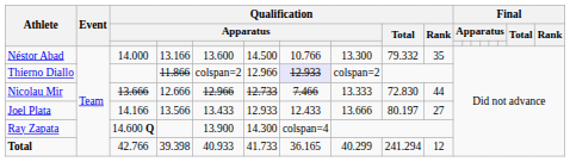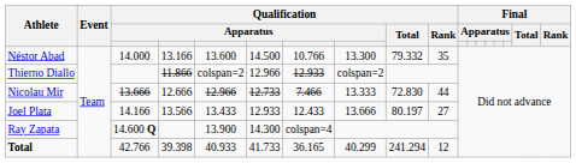 <table class="wikitable" style="font-size:90%">
 <tr>
 <th rowspan=3>Athlete</th>
 <th rowspan=3>Event</th>
 <th colspan =8>Qualification</th>
 <th colspan =8>Final</th>
 </tr>
 <tr style="font-size:95%">
 <th colspan=6>Apparatus</th>
 <th rowspan=2>Total</th>
 <th rowspan=2>Rank</th>
 <th colspan=6>Apparatus</th>
 <th rowspan=2>Total</th>
 <th rowspan=2>Rank</th>
 </tr>
 <tr style="font-size:95%">
 <th></th>
 <th></th>
 <th></th>
 <th></th>
 <th></th>
 <th></th>
 <th></th>
 <th></th>
 <th></th>
 <th></th>
 <th></th>
 <th></th>
 </tr>
 <tr align=center>
 <td align=left><a href='#'>Néstor Abad</a></td>
 <td align=left rowspan=6><a href='#'>Team</a></td>
 <td>14.000</td>
 <td>13.166</td>
 <td>13.600</td>
 <td>14.500</td>
 <td>10.766</td>
 <td>13.300</td>
 <td>79.332</td>
 <td>35</td>
 <td colspan=8 rowspan=6>Did not advance</td>
 </tr>
 <tr align=center>
 <td align=left><a href='#'>Thierno Diallo</a></td>
 <td></td>
 <td><s>11.866</s></td>
 <td>colspan=2 </td>
 <td>12.966</td>
-<td style="background: lavender;"><s>12.933</s></td>
+<td><s>12.933</s></td>
 <td>colspan=2 </td>
 </tr>
 <tr align=center>
 <td align=left><a href='#'>Nicolau Mir</a></td>
 <td><s>13.666</s></td>
 <td>12.666</td>
 <td><s>12.966</s></td>
 <td><s>12.733</s></td>
 <td><s>7.466</s></td>
 <td>13.333</td>
 <td>72.830</td>
 <td>44</td>
 </tr>
 <tr align=center>
 <td align=left><a href='#'>Joel Plata</a></td>
 <td>14.166</td>
 <td>13.566</td>
 <td>13.433</td>
 <td>12.933</td>
 <td>12.433</td>
 <td>13.666</td>
 <td>80.197</td>
 <td>27</td>
 </tr>
 <tr align=center>
 <td align=left><a href='#'>Ray Zapata</a></td>
 <td>14.600 <strong>Q</strong></td>
 <td></td>
 <td>13.900</td>
 <td>14.300</td>
 <td>colspan=4 </td>
 </tr>
 <tr align=center>
 <td align=left><strong>Total</strong></td>
 <td>42.766</td>
 <td>39.398</td>
 <td>40.933</td>
 <td>41.733</td>
 <td>36.165</td>
 <td>40.299</td>
 <td>241.294</td>
 <td>12</td>
 </tr>
 </table>
